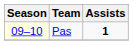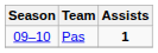 <table class="wikitable" style="text-align: center;">
 <tr>
 <th>Season</th>
 <th>Team</th>
 <th>Assists</th>
 </tr>
 <tr>
-<td style="background: lightyellow;"><a href='#'>09–10</a></td>
+<td><a href='#'>09–10</a></td>
 <td align="left"><a href='#'>Pas</a></td>
 <td><strong>1</strong></td>
 </tr>
 <tr>
 </tr>
 </table>
